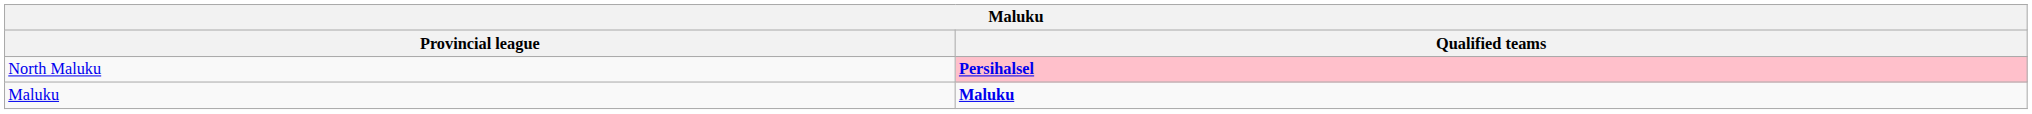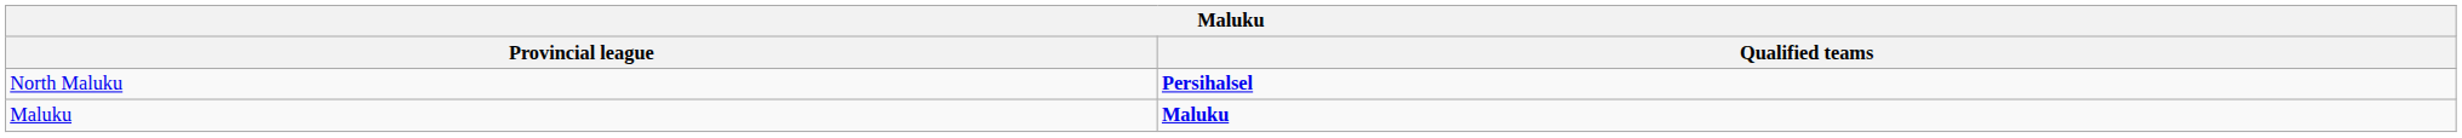 <table class="wikitable sortable" style="width:100%;">
 <tr>
 <th colspan="2"><strong>Maluku</strong></th>
 </tr>
 <tr>
 <th style="width:47%;">Provincial league</th>
 <th style="width:53%;">Qualified teams</th>
 </tr>
 <tr>
 <td> <a href='#'>North Maluku</a></td>
-<td style="background: pink;"><strong><a href='#'>Persihalsel</a></strong></td>
+<td><strong><a href='#'>Persihalsel</a></strong></td>
 </tr>
 <tr>
 <td> <a href='#'>Maluku</a></td>
 <td><strong><a href='#'>Maluku</a></strong></td>
 </tr>
 </table>
